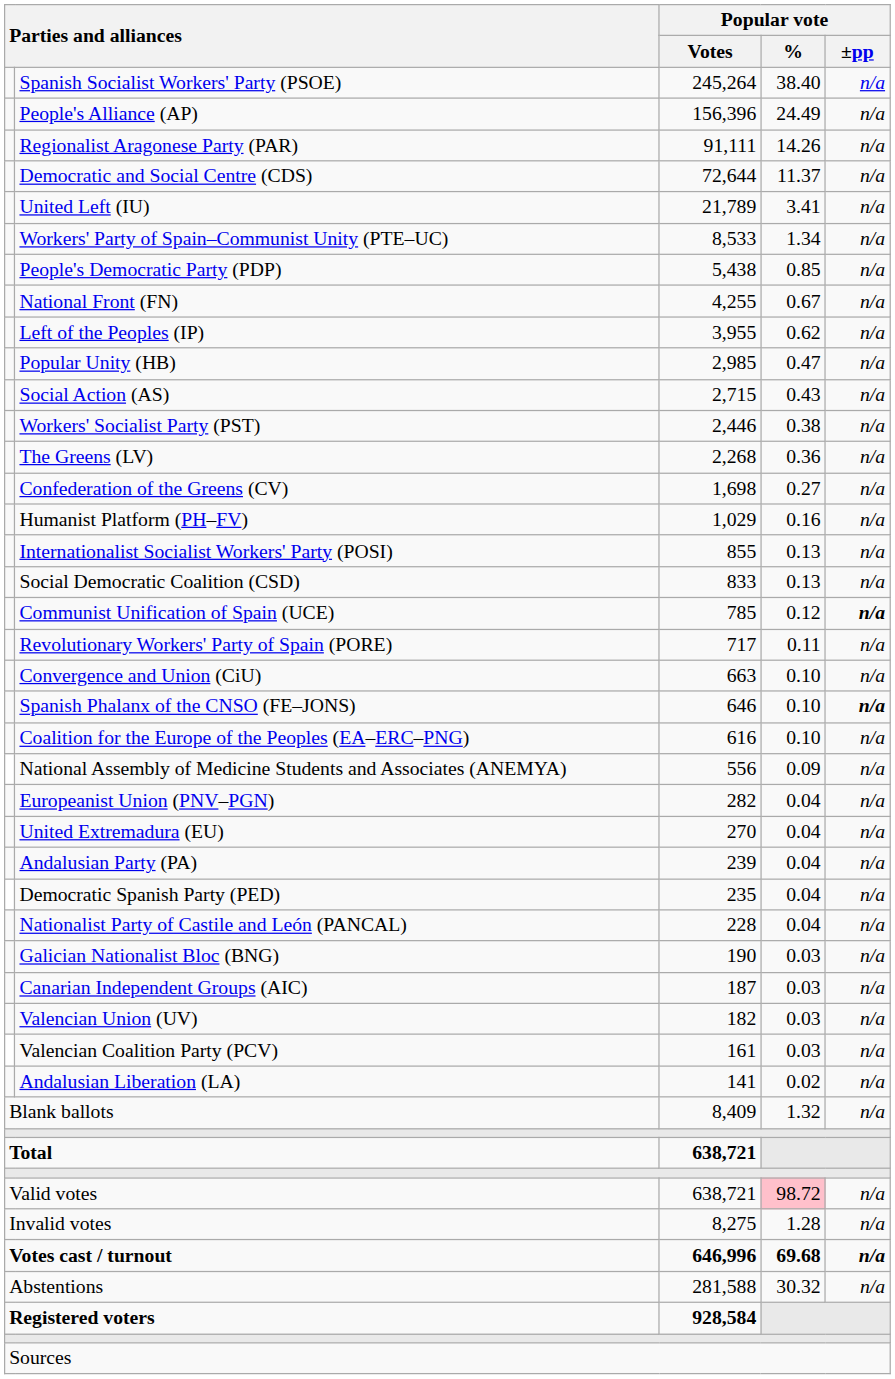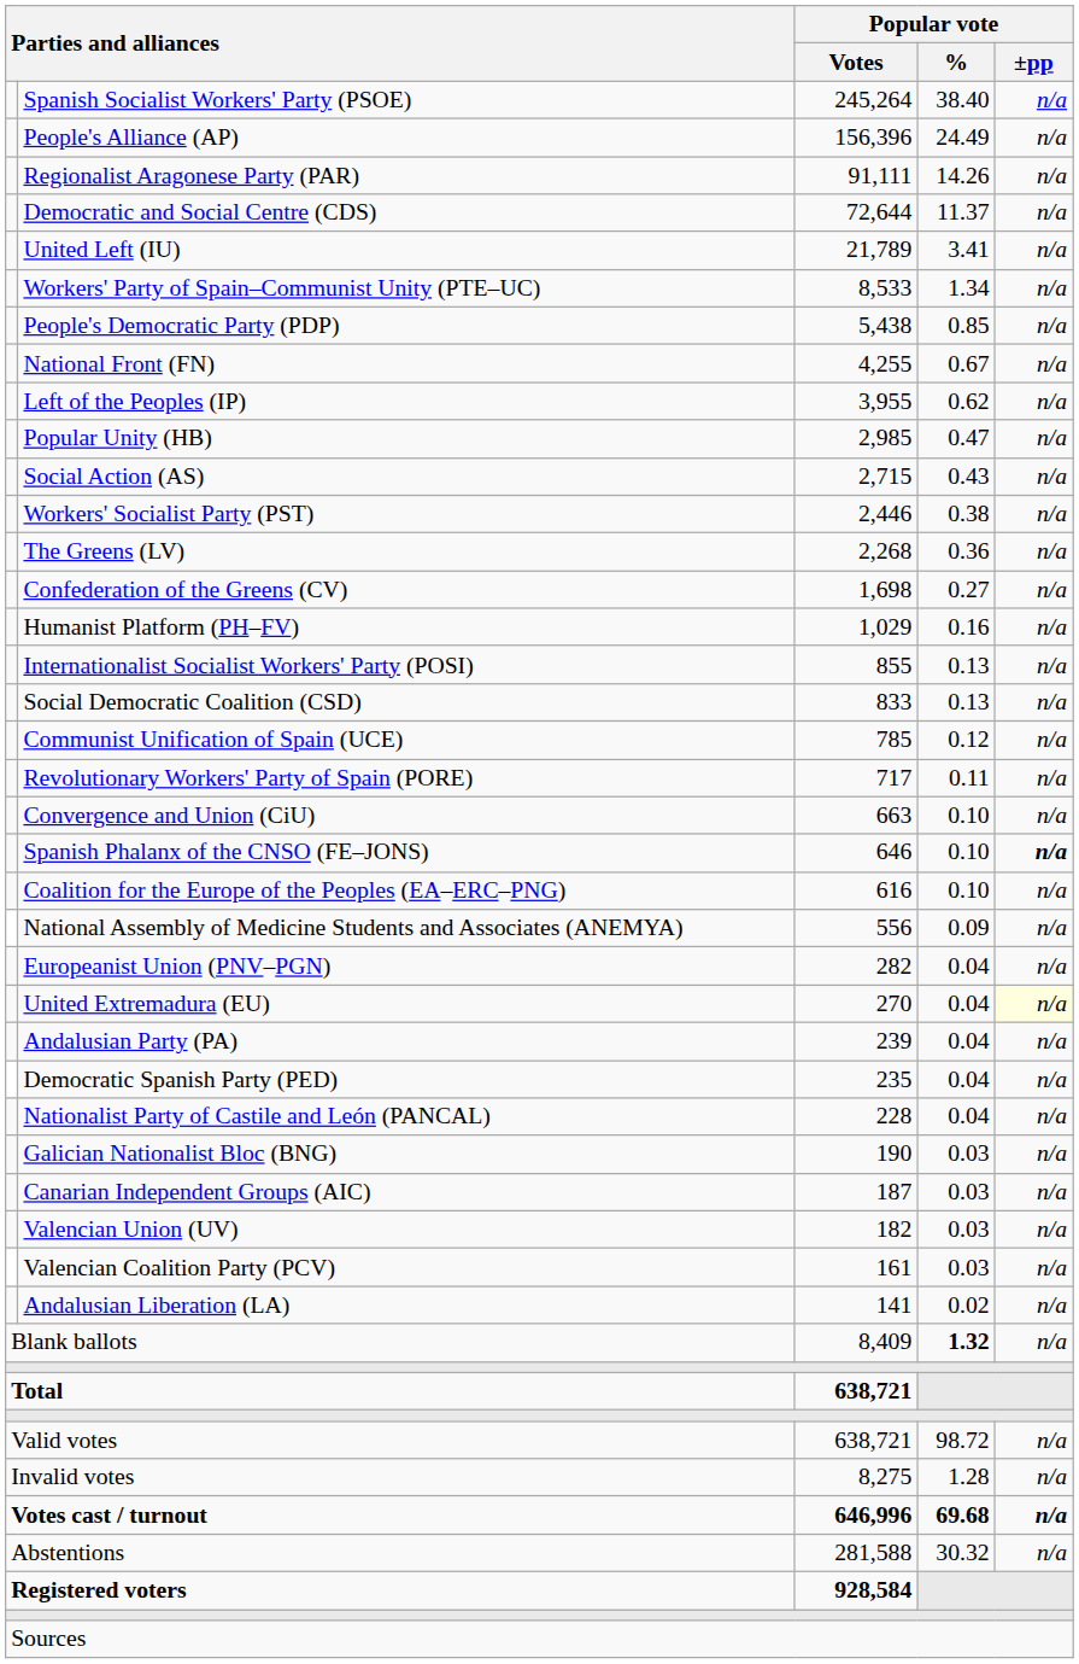 <table class="wikitable" style="text-align:right">
 <tr>
 <th style="text-align:left;" rowspan="2" colspan="2" width="525">Parties and alliances</th>
 <th colspan="3">Popular vote</th>
 </tr>
 <tr>
 <th width="75">Votes</th>
 <th width="45">%</th>
 <th width="45">±<a href='#'>pp</a></th>
 </tr>
 <tr>
 <td width="1" style="color:inherit;background:"></td>
 <td align="left"><a href='#'>Spanish Socialist Workers' Party</a> (PSOE)</td>
 <td>245,264</td>
 <td>38.40</td>
 <td><em><a href='#'>n/a</a></em></td>
 </tr>
 <tr>
 <td style="color:inherit;background:"></td>
 <td align="left"><a href='#'>People's Alliance</a> (AP)</td>
 <td>156,396</td>
 <td>24.49</td>
 <td><em>n/a</em></td>
 </tr>
 <tr>
 <td style="color:inherit;background:"></td>
 <td align="left"><a href='#'>Regionalist Aragonese Party</a> (PAR)</td>
 <td>91,111</td>
 <td>14.26</td>
 <td><em>n/a</em></td>
 </tr>
 <tr>
 <td style="color:inherit;background:"></td>
 <td align="left"><a href='#'>Democratic and Social Centre</a> (CDS)</td>
 <td>72,644</td>
 <td>11.37</td>
 <td><em>n/a</em></td>
 </tr>
 <tr>
 <td style="color:inherit;background:"></td>
 <td align="left"><a href='#'>United Left</a> (IU)</td>
 <td>21,789</td>
 <td>3.41</td>
 <td><em>n/a</em></td>
 </tr>
 <tr>
 <td style="color:inherit;background:"></td>
 <td align="left"><a href='#'>Workers' Party of Spain–Communist Unity</a> (PTE–UC)</td>
 <td>8,533</td>
 <td>1.34</td>
 <td><em>n/a</em></td>
 </tr>
 <tr>
 <td style="color:inherit;background:"></td>
 <td align="left"><a href='#'>People's Democratic Party</a> (PDP)</td>
 <td>5,438</td>
 <td>0.85</td>
 <td><em>n/a</em></td>
 </tr>
 <tr>
 <td style="color:inherit;background:"></td>
 <td align="left"><a href='#'>National Front</a> (FN)</td>
 <td>4,255</td>
 <td>0.67</td>
 <td><em>n/a</em></td>
 </tr>
 <tr>
 <td style="color:inherit;background:"></td>
 <td align="left"><a href='#'>Left of the Peoples</a> (IP)</td>
 <td>3,955</td>
 <td>0.62</td>
 <td><em>n/a</em></td>
 </tr>
 <tr>
 <td style="color:inherit;background:"></td>
 <td align="left"><a href='#'>Popular Unity</a> (HB)</td>
 <td>2,985</td>
 <td>0.47</td>
 <td><em>n/a</em></td>
 </tr>
 <tr>
 <td style="color:inherit;background:"></td>
 <td align="left"><a href='#'>Social Action</a> (AS)</td>
 <td>2,715</td>
 <td>0.43</td>
 <td><em>n/a</em></td>
 </tr>
 <tr>
 <td style="color:inherit;background:"></td>
 <td align="left"><a href='#'>Workers' Socialist Party</a> (PST)</td>
 <td>2,446</td>
 <td>0.38</td>
 <td><em>n/a</em></td>
 </tr>
 <tr>
 <td style="color:inherit;background:"></td>
 <td align="left"><a href='#'>The Greens</a> (LV)</td>
 <td>2,268</td>
 <td>0.36</td>
 <td><em>n/a</em></td>
 </tr>
 <tr>
 <td style="color:inherit;background:"></td>
 <td align="left"><a href='#'>Confederation of the Greens</a> (CV)</td>
 <td>1,698</td>
 <td>0.27</td>
 <td><em>n/a</em></td>
 </tr>
 <tr>
 <td style="color:inherit;background:"></td>
 <td align="left">Humanist Platform (<a href='#'>PH</a>–<a href='#'>FV</a>)</td>
 <td>1,029</td>
 <td>0.16</td>
 <td><em>n/a</em></td>
 </tr>
 <tr>
 <td style="color:inherit;background:"></td>
 <td align="left"><a href='#'>Internationalist Socialist Workers' Party</a> (POSI)</td>
 <td>855</td>
 <td>0.13</td>
 <td><em>n/a</em></td>
 </tr>
 <tr>
 <td style="color:inherit;background:"></td>
 <td align="left">Social Democratic Coalition (CSD)</td>
 <td>833</td>
 <td>0.13</td>
 <td><em>n/a</em></td>
 </tr>
 <tr>
 <td style="color:inherit;background:"></td>
 <td align="left"><a href='#'>Communist Unification of Spain</a> (UCE)</td>
 <td>785</td>
 <td>0.12</td>
-<td><strong><em>n/a</em></strong></td>
+<td><em>n/a</em></td>
 </tr>
 <tr>
 <td style="color:inherit;background:"></td>
 <td align="left"><a href='#'>Revolutionary Workers' Party of Spain</a> (PORE)</td>
 <td>717</td>
 <td>0.11</td>
 <td><em>n/a</em></td>
 </tr>
 <tr>
 <td style="color:inherit;background:"></td>
 <td align="left"><a href='#'>Convergence and Union</a> (CiU)</td>
 <td>663</td>
 <td>0.10</td>
 <td><em>n/a</em></td>
 </tr>
 <tr>
 <td style="color:inherit;background:"></td>
 <td align="left"><a href='#'>Spanish Phalanx of the CNSO</a> (FE–JONS)</td>
 <td>646</td>
 <td>0.10</td>
 <td><strong><em>n/a</em></strong></td>
 </tr>
 <tr>
 <td style="color:inherit;background:"></td>
 <td align="left"><a href='#'>Coalition for the Europe of the Peoples</a> (<a href='#'>EA</a>–<a href='#'>ERC</a>–<a href='#'>PNG</a>)</td>
 <td>616</td>
 <td>0.10</td>
 <td><em>n/a</em></td>
 </tr>
 <tr>
 <td bgcolor="white"></td>
 <td align="left">National Assembly of Medicine Students and Associates (ANEMYA)</td>
 <td>556</td>
 <td>0.09</td>
 <td><em>n/a</em></td>
 </tr>
 <tr>
 <td style="color:inherit;background:"></td>
 <td align="left"><a href='#'>Europeanist Union</a> (<a href='#'>PNV</a>–<a href='#'>PGN</a>)</td>
 <td>282</td>
 <td>0.04</td>
 <td><em>n/a</em></td>
 </tr>
 <tr>
 <td style="color:inherit;background:"></td>
 <td align="left"><a href='#'>United Extremadura</a> (EU)</td>
 <td>270</td>
 <td>0.04</td>
-<td><em>n/a</em></td>
+<td style="background: lightyellow;"><em>n/a</em></td>
 </tr>
 <tr>
 <td style="color:inherit;background:"></td>
 <td align="left"><a href='#'>Andalusian Party</a> (PA)</td>
 <td>239</td>
 <td>0.04</td>
 <td><em>n/a</em></td>
 </tr>
 <tr>
 <td bgcolor="white"></td>
 <td align="left">Democratic Spanish Party (PED)</td>
 <td>235</td>
 <td>0.04</td>
 <td><em>n/a</em></td>
 </tr>
 <tr>
 <td style="color:inherit;background:"></td>
 <td align="left"><a href='#'>Nationalist Party of Castile and León</a> (PANCAL)</td>
 <td>228</td>
 <td>0.04</td>
 <td><em>n/a</em></td>
 </tr>
 <tr>
 <td style="color:inherit;background:"></td>
 <td align="left"><a href='#'>Galician Nationalist Bloc</a> (BNG)</td>
 <td>190</td>
 <td>0.03</td>
 <td><em>n/a</em></td>
 </tr>
 <tr>
 <td style="color:inherit;background:"></td>
 <td align="left"><a href='#'>Canarian Independent Groups</a> (AIC)</td>
 <td>187</td>
 <td>0.03</td>
 <td><em>n/a</em></td>
 </tr>
 <tr>
 <td style="color:inherit;background:"></td>
 <td align="left"><a href='#'>Valencian Union</a> (UV)</td>
 <td>182</td>
 <td>0.03</td>
 <td><em>n/a</em></td>
 </tr>
 <tr>
 <td bgcolor="white"></td>
 <td align="left">Valencian Coalition Party (PCV)</td>
 <td>161</td>
 <td>0.03</td>
 <td><em>n/a</em></td>
 </tr>
 <tr>
 <td style="color:inherit;background:"></td>
 <td align="left"><a href='#'>Andalusian Liberation</a> (LA)</td>
 <td>141</td>
 <td>0.02</td>
 <td><em>n/a</em></td>
 </tr>
 <tr>
 <td align="left" colspan="2">Blank ballots</td>
 <td>8,409</td>
-<td>1.32</td>
+<td><strong>1.32</strong></td>
 <td><em>n/a</em></td>
 </tr>
 <tr>
 <td colspan="5" bgcolor="#E9E9E9"></td>
 </tr>
 <tr style="font-weight:bold;">
 <td align="left" colspan="2">Total</td>
 <td>638,721</td>
 <td bgcolor="#E9E9E9" colspan="2"></td>
 </tr>
 <tr>
 <td colspan="5" bgcolor="#E9E9E9"></td>
 </tr>
 <tr>
 <td align="left" colspan="2">Valid votes</td>
 <td>638,721</td>
-<td style="background: pink;">98.72</td>
+<td>98.72</td>
 <td><em>n/a</em></td>
 </tr>
 <tr>
 <td align="left" colspan="2">Invalid votes</td>
 <td>8,275</td>
 <td>1.28</td>
 <td><em>n/a</em></td>
 </tr>
 <tr style="font-weight:bold;">
 <td align="left" colspan="2">Votes cast / turnout</td>
 <td>646,996</td>
 <td>69.68</td>
 <td><em>n/a</em></td>
 </tr>
 <tr>
 <td align="left" colspan="2">Abstentions</td>
 <td>281,588</td>
 <td>30.32</td>
 <td><em>n/a</em></td>
 </tr>
 <tr style="font-weight:bold;">
 <td align="left" colspan="2">Registered voters</td>
 <td>928,584</td>
 <td bgcolor="#E9E9E9" colspan="2"></td>
 </tr>
 <tr>
 <td colspan="5" bgcolor="#E9E9E9"></td>
 </tr>
 <tr>
 <td align="left" colspan="5">Sources</td>
 </tr>
 </table>
